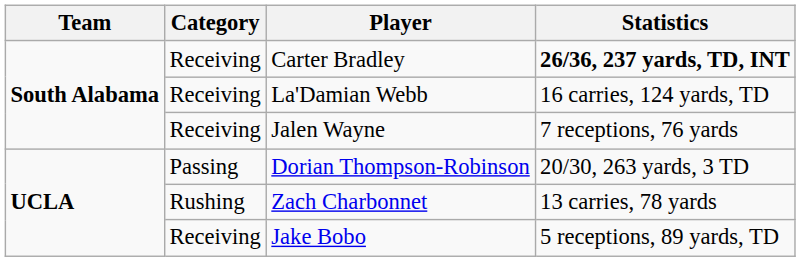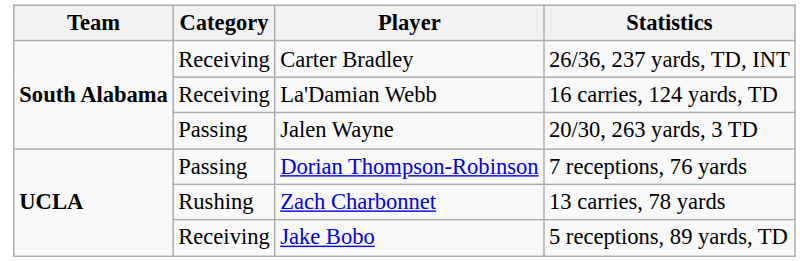 <table class="wikitable" style="float: right;">
 <tr>
 <th>Team</th>
 <th>Category</th>
 <th>Player</th>
 <th>Statistics</th>
 </tr>
 <tr>
 <td rowspan=3><strong>South Alabama</strong></td>
 <td>Receiving</td>
 <td>Carter Bradley</td>
-<td><strong>26/36, 237 yards, TD, INT</strong></td>
+<td>26/36, 237 yards, TD, INT</td>
 </tr>
 <tr>
 <td>Receiving</td>
 <td>La'Damian Webb</td>
 <td>16 carries, 124 yards, TD</td>
 </tr>
 <tr>
-<td>Receiving</td>
+<td>Passing</td>
 <td>Jalen Wayne</td>
-<td>7 receptions, 76 yards</td>
+<td>20/30, 263 yards, 3 TD</td>
 </tr>
 <tr>
 <td rowspan=3><strong>UCLA</strong></td>
 <td>Passing</td>
 <td><a href='#'>Dorian Thompson-Robinson</a></td>
-<td>20/30, 263 yards, 3 TD</td>
+<td>7 receptions, 76 yards</td>
 </tr>
 <tr>
 <td>Rushing</td>
 <td><a href='#'>Zach Charbonnet</a></td>
 <td>13 carries, 78 yards</td>
 </tr>
 <tr>
 <td>Receiving</td>
 <td><a href='#'>Jake Bobo</a></td>
 <td>5 receptions, 89 yards, TD</td>
 </tr>
 </table>
